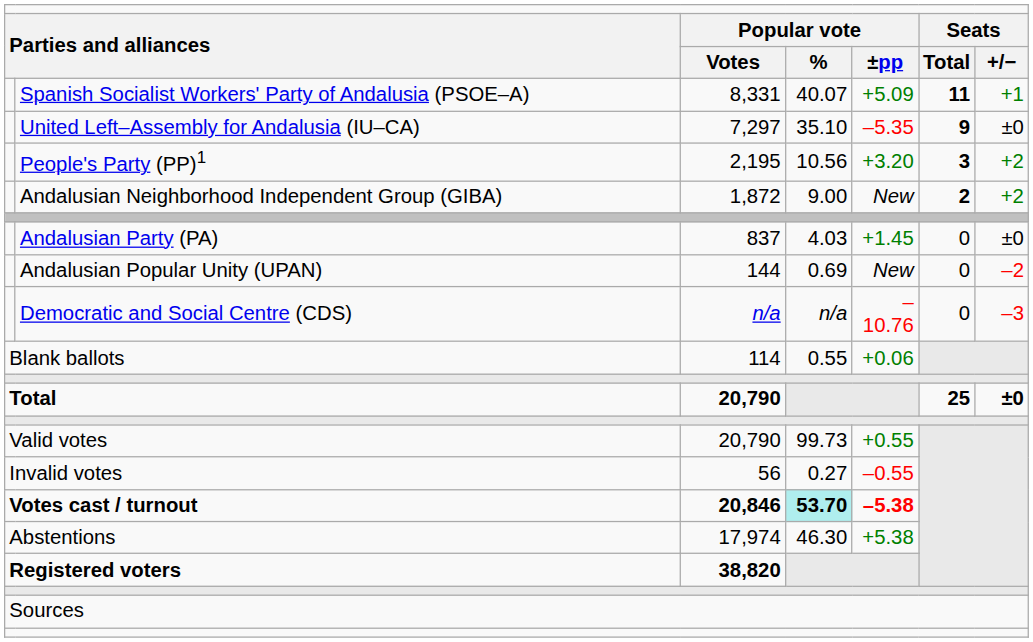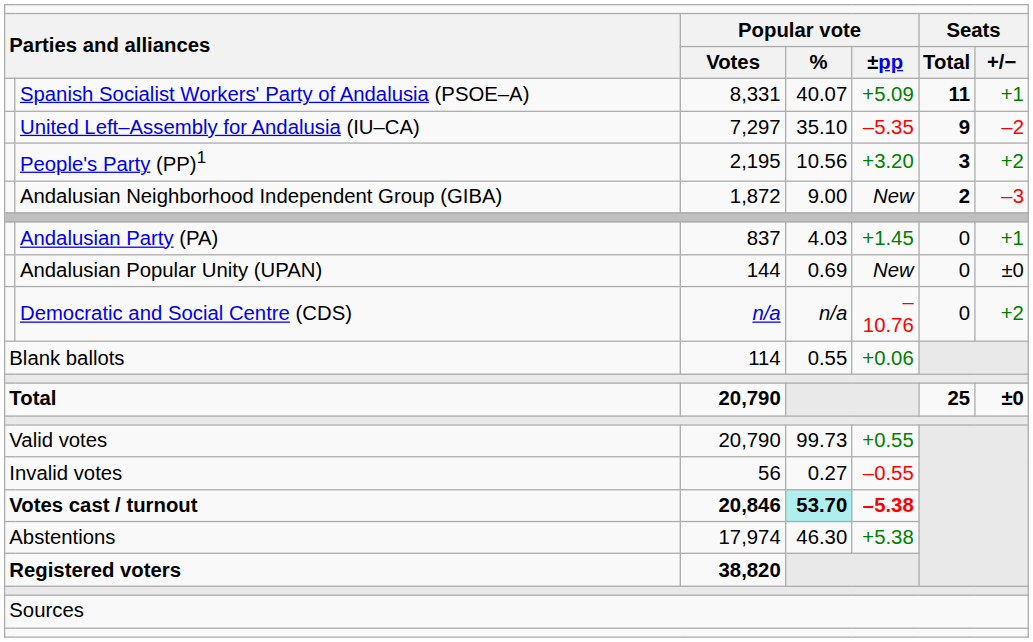 <table class="wikitable" style="text-align:right;">
 <tr>
 <td colspan="7"></td>
 </tr>
 <tr>
 <th style="text-align:left;" rowspan="2" colspan="2" width="525">Parties and alliances</th>
 <th colspan="3">Popular vote</th>
 <th colspan="2">Seats</th>
 </tr>
 <tr>
 <th width="75">Votes</th>
 <th width="45">%</th>
 <th width="45">±<a href='#'>pp</a></th>
 <th width="35">Total</th>
 <th width="35">+/−</th>
 </tr>
 <tr>
 <td width="1" style="color:inherit;background:"></td>
 <td align="left"><a href='#'>Spanish Socialist Workers' Party of Andalusia</a> (PSOE–A)</td>
 <td>8,331</td>
 <td>40.07</td>
 <td style="color:green;">+5.09</td>
 <td><strong>11</strong></td>
 <td style="color:green;">+1</td>
 </tr>
 <tr>
 <td style="color:inherit;background:"></td>
 <td align="left"><a href='#'>United Left–Assembly for Andalusia</a> (IU–CA)</td>
 <td>7,297</td>
 <td>35.10</td>
 <td style="color:red;">–5.35</td>
 <td><strong>9</strong></td>
-<td>±0</td>
+<td style="color:red;">–2</td>
 </tr>
 <tr>
 <td style="color:inherit;background:"></td>
 <td align="left"><a href='#'>People's Party</a> (PP)<sup>1</sup></td>
 <td>2,195</td>
 <td>10.56</td>
 <td style="color:green;">+3.20</td>
 <td><strong>3</strong></td>
 <td style="color:green;">+2</td>
 </tr>
 <tr>
 <td style="color:inherit;background:"></td>
 <td align="left">Andalusian Neighborhood Independent Group (GIBA)</td>
 <td>1,872</td>
 <td>9.00</td>
 <td><em>New</em></td>
 <td><strong>2</strong></td>
-<td style="color:green;">+2</td>
+<td style="color:red;">–3</td>
 </tr>
 <tr>
 <td colspan="7" bgcolor="#C0C0C0"></td>
 </tr>
 <tr>
 <td style="color:inherit;background:"></td>
 <td align="left"><a href='#'>Andalusian Party</a> (PA)</td>
 <td>837</td>
 <td>4.03</td>
 <td style="color:green;">+1.45</td>
 <td>0</td>
-<td>±0</td>
+<td style="color:green;">+1</td>
 </tr>
 <tr>
 <td style="color:inherit;background:"></td>
 <td align="left">Andalusian Popular Unity (UPAN)</td>
 <td>144</td>
 <td>0.69</td>
 <td><em>New</em></td>
 <td>0</td>
-<td style="color:red;">–2</td>
+<td>±0</td>
 </tr>
 <tr>
 <td style="color:inherit;background:"></td>
 <td align="left"><a href='#'>Democratic and Social Centre</a> (CDS)</td>
 <td><em><a href='#'>n/a</a></em></td>
 <td><em>n/a</em></td>
 <td style="color:red;">–10.76</td>
 <td>0</td>
-<td style="color:red;">–3</td>
+<td style="color:green;">+2</td>
 </tr>
 <tr>
 <td align="left" colspan="2">Blank ballots</td>
 <td>114</td>
 <td>0.55</td>
 <td style="color:green;">+0.06</td>
 <td bgcolor="#E9E9E9" colspan="2"></td>
 </tr>
 <tr>
 <td colspan="7" bgcolor="#E9E9E9"></td>
 </tr>
 <tr style="font-weight:bold;">
 <td align="left" colspan="2">Total</td>
 <td>20,790</td>
 <td bgcolor="#E9E9E9" colspan="2"></td>
 <td>25</td>
 <td>±0</td>
 </tr>
 <tr>
 <td colspan="7" bgcolor="#E9E9E9"></td>
 </tr>
 <tr>
 <td align="left" colspan="2">Valid votes</td>
 <td>20,790</td>
 <td>99.73</td>
 <td style="color:green;">+0.55</td>
 <td bgcolor="#E9E9E9" colspan="2" rowspan="5"></td>
 </tr>
 <tr>
 <td align="left" colspan="2">Invalid votes</td>
 <td>56</td>
 <td>0.27</td>
 <td style="color:red;">–0.55</td>
 </tr>
 <tr style="font-weight:bold;">
 <td align="left" colspan="2">Votes cast / turnout</td>
 <td>20,846</td>
 <td style="background: paleturquoise;">53.70</td>
 <td style="color:red;">–5.38</td>
 </tr>
 <tr>
 <td align="left" colspan="2">Abstentions</td>
 <td>17,974</td>
 <td>46.30</td>
 <td style="color:green;">+5.38</td>
 </tr>
 <tr style="font-weight:bold;">
 <td align="left" colspan="2">Registered voters</td>
 <td>38,820</td>
 <td bgcolor="#E9E9E9" colspan="2"></td>
 </tr>
 <tr>
 <td colspan="7" bgcolor="#E9E9E9"></td>
 </tr>
 <tr>
 <td align="left" colspan="7">Sources</td>
 </tr>
 <tr>
 <td colspan="7" style="text-align:left; max-width:790px;"></td>
 </tr>
 </table>
